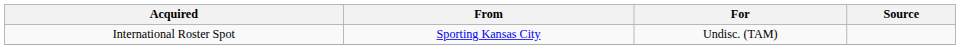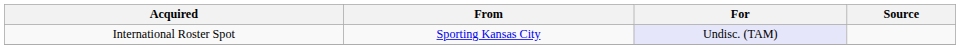 <table class="wikitable sortable" style="width:60%; text-align:center; font-size:95%; text-align:left;">
 <tr>
 <th>Acquired</th>
 <th>From</th>
 <th>For</th>
 <th>Source</th>
 </tr>
 <tr>
 <td align=center>International Roster Spot</td>
 <td align=center><a href='#'>Sporting Kansas City</a></td>
-<td align=center>Undisc. (TAM)</td>
+<td align=center style="background: lavender;">Undisc. (TAM)</td>
 <td align=center></td>
 </tr>
 <tr>
 </tr>
 </table>
